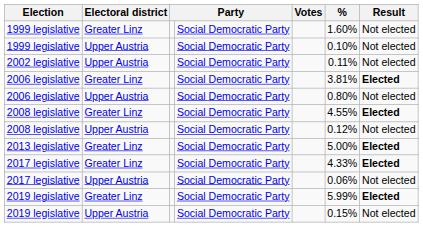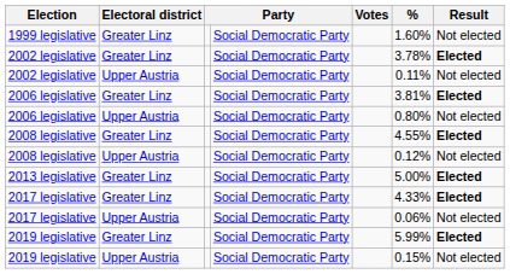 <table class="wikitable" style="text-align:left;">
 <tr>
 <th scope=col>Election</th>
 <th scope=col>Electoral district</th>
 <th scope=col colspan="2">Party</th>
 <th scope=col>Votes</th>
 <th scope=col>%</th>
 <th scope=col>Result</th>
 </tr>
 <tr>
 <td><a href='#'>1999 legislative</a></td>
 <td><a href='#'>Greater Linz</a></td>
 <td style="background:"></td>
 <td><a href='#'>Social Democratic Party</a></td>
 <td align=right></td>
 <td align=right>1.60%</td>
 <td>Not elected</td>
 </tr>
 <tr>
-<td><a href='#'>1999 legislative</a></td>
-<td><a href='#'>Upper Austria</a></td>
+<td><a href='#'>2002 legislative</a></td>
+<td><a href='#'>Greater Linz</a></td>
 <td style="background:"></td>
 <td><a href='#'>Social Democratic Party</a></td>
 <td align=right></td>
-<td align=right>0.10%</td>
-<td>Not elected</td>
+<td align=right>3.78%</td>
+<td><strong>Elected</strong></td>
 </tr>
 <tr>
 <td><a href='#'>2002 legislative</a></td>
 <td><a href='#'>Upper Austria</a></td>
 <td style="background:"></td>
 <td><a href='#'>Social Democratic Party</a></td>
 <td align=right></td>
 <td align=right>0.11%</td>
 <td>Not elected</td>
 </tr>
 <tr>
 <td><a href='#'>2006 legislative</a></td>
 <td><a href='#'>Greater Linz</a></td>
 <td style="background:"></td>
 <td><a href='#'>Social Democratic Party</a></td>
 <td align=right></td>
 <td align=right>3.81%</td>
 <td><strong>Elected</strong></td>
 </tr>
 <tr>
 <td><a href='#'>2006 legislative</a></td>
 <td><a href='#'>Upper Austria</a></td>
 <td style="background:"></td>
 <td><a href='#'>Social Democratic Party</a></td>
 <td align=right></td>
 <td align=right>0.80%</td>
 <td>Not elected</td>
 </tr>
 <tr>
 <td><a href='#'>2008 legislative</a></td>
 <td><a href='#'>Greater Linz</a></td>
 <td style="background:"></td>
 <td><a href='#'>Social Democratic Party</a></td>
 <td align=right></td>
 <td align=right>4.55%</td>
 <td><strong>Elected</strong></td>
 </tr>
 <tr>
 <td><a href='#'>2008 legislative</a></td>
 <td><a href='#'>Upper Austria</a></td>
 <td style="background:"></td>
 <td><a href='#'>Social Democratic Party</a></td>
 <td align=right></td>
 <td align=right>0.12%</td>
 <td>Not elected</td>
 </tr>
 <tr>
 <td><a href='#'>2013 legislative</a></td>
 <td><a href='#'>Greater Linz</a></td>
 <td style="background:"></td>
 <td><a href='#'>Social Democratic Party</a></td>
 <td align=right></td>
 <td align=right>5.00%</td>
 <td><strong>Elected</strong></td>
 </tr>
 <tr>
 <td><a href='#'>2017 legislative</a></td>
 <td><a href='#'>Greater Linz</a></td>
 <td style="background:"></td>
 <td><a href='#'>Social Democratic Party</a></td>
 <td align=right></td>
 <td align=right>4.33%</td>
 <td><strong>Elected</strong></td>
 </tr>
 <tr>
 <td><a href='#'>2017 legislative</a></td>
 <td><a href='#'>Upper Austria</a></td>
 <td style="background:"></td>
 <td><a href='#'>Social Democratic Party</a></td>
 <td align=right></td>
 <td align=right>0.06%</td>
 <td>Not elected</td>
 </tr>
 <tr>
 <td><a href='#'>2019 legislative</a></td>
 <td><a href='#'>Greater Linz</a></td>
 <td style="background:"></td>
 <td><a href='#'>Social Democratic Party</a></td>
 <td align=right></td>
 <td align=right>5.99%</td>
 <td><strong>Elected</strong></td>
 </tr>
 <tr>
 <td><a href='#'>2019 legislative</a></td>
 <td><a href='#'>Upper Austria</a></td>
 <td style="background:"></td>
 <td><a href='#'>Social Democratic Party</a></td>
 <td align=right></td>
 <td align=right>0.15%</td>
 <td>Not elected</td>
 </tr>
 </table>
